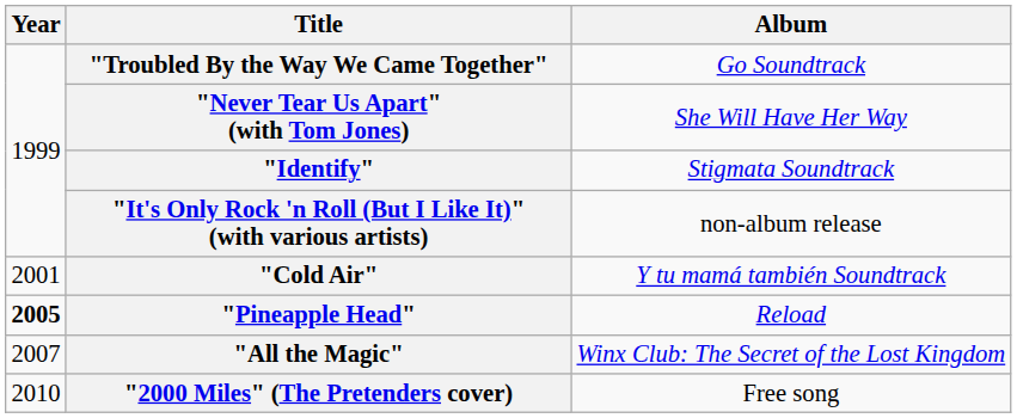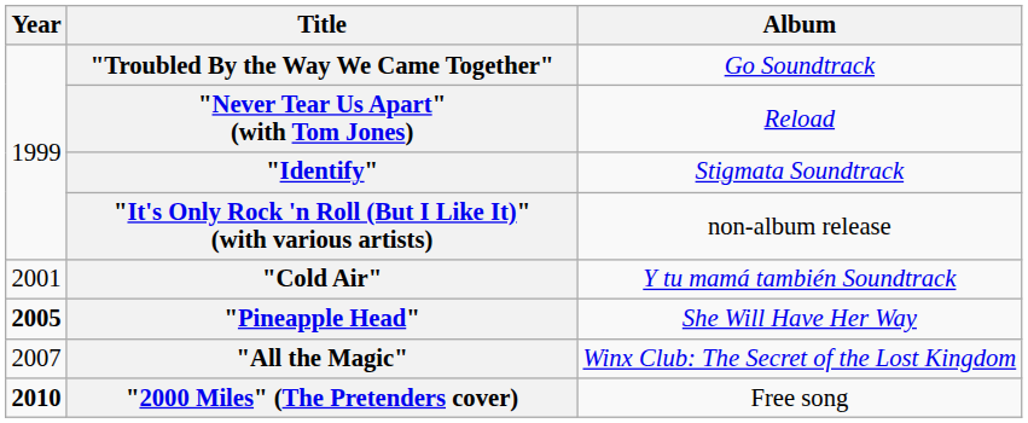 <table class="wikitable plainrowheaders" style="text-align:center;">
 <tr>
 <th scope="col" style="width:1em;">Year</th>
 <th scope="col" style="width:20em;">Title</th>
 <th scope="col">Album</th>
 </tr>
 <tr>
 <td rowspan="4">1999</td>
 <th scope="row">"Troubled By the Way We Came Together"</th>
 <td><em><a href='#'>Go Soundtrack</a></em></td>
 </tr>
 <tr>
 <th scope="row">"<a href='#'>Never Tear Us Apart</a>"<br><span>(with <a href='#'>Tom Jones</a>)</span></th>
-<td><em><a href='#'>She Will Have Her Way</a></em></td>
+<td><em><a href='#'>Reload</a></em></td>
 </tr>
 <tr>
 <th scope="row">"<a href='#'>Identify</a>"</th>
 <td><em><a href='#'>Stigmata Soundtrack</a></em></td>
 </tr>
 <tr>
 <th scope="row">"<a href='#'>It's Only Rock 'n Roll (But I Like It)</a>"<br><span>(with various artists)</span></th>
 <td>non-album release</td>
 </tr>
 <tr>
 <td>2001</td>
 <th scope="row">"Cold Air"</th>
 <td><em><a href='#'>Y tu mamá también Soundtrack</a></em></td>
 </tr>
 <tr>
 <td><strong>2005</strong></td>
 <th scope="row">"<a href='#'>Pineapple Head</a>"</th>
-<td><em><a href='#'>Reload</a></em></td>
+<td><em><a href='#'>She Will Have Her Way</a></em></td>
 </tr>
 <tr>
 <td>2007</td>
 <th scope="row">"All the Magic"</th>
 <td><em><a href='#'>Winx Club: The Secret of the Lost Kingdom</a></em></td>
 </tr>
 <tr>
-<td>2010</td>
+<td><strong>2010</strong></td>
 <th scope="row">"<a href='#'>2000 Miles</a>" <span>(<a href='#'>The Pretenders</a> cover)</span></th>
 <td>Free song</td>
 </tr>
 </table>
